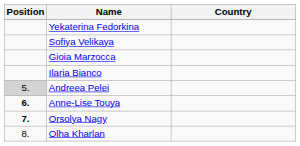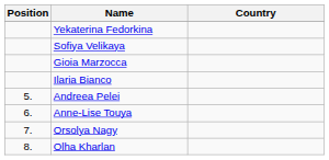 <table class="wikitable">
 <tr>
 <th width="20">Position</th>
 <th width="200">Name</th>
 <th width="200">Country</th>
 </tr>
 <tr>
 </tr>
 <tr>
 <td align="center"></td>
 <td><a href='#'>Yekaterina Fedorkina</a></td>
 <td></td>
 </tr>
 <tr>
 <td align="center"></td>
 <td><a href='#'>Sofiya Velikaya</a></td>
 <td></td>
 </tr>
 <tr>
 <td align="center"></td>
 <td><a href='#'>Gioia Marzocca</a></td>
 <td></td>
 </tr>
 <tr>
 <td align="center"></td>
 <td><a href='#'>Ilaria Bianco</a></td>
 <td></td>
 </tr>
 <tr>
-<td align="center" style="background: lightgrey;">5.</td>
+<td align="center">5.</td>
 <td><a href='#'>Andreea Pelei</a></td>
 <td></td>
 </tr>
 <tr>
-<td align="center"><strong>6.</strong></td>
+<td align="center">6.</td>
 <td><a href='#'>Anne-Lise Touya</a></td>
 <td></td>
 </tr>
 <tr>
-<td align="center"><strong>7.</strong></td>
+<td align="center">7.</td>
 <td><a href='#'>Orsolya Nagy</a></td>
 <td></td>
 </tr>
 <tr>
 <td align="center">8.</td>
 <td><a href='#'>Olha Kharlan</a></td>
 <td></td>
 </tr>
 </table>
